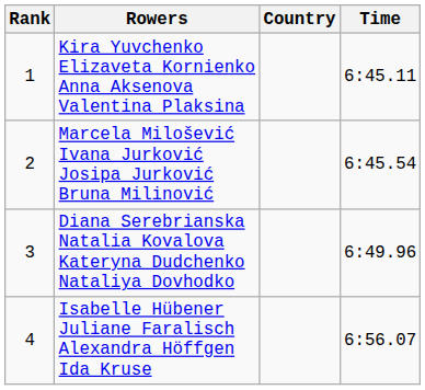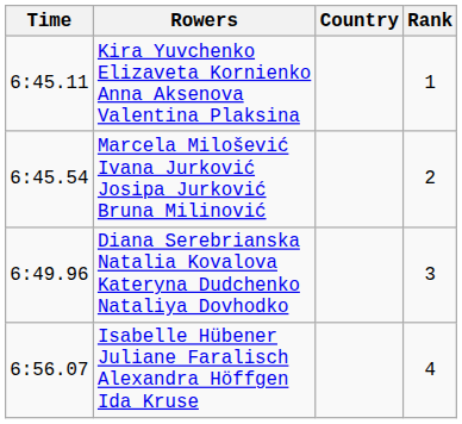 <table class="wikitable" style="text-align:center">
 <tr>
-<th>Rank</th>
+<th>Time</th>
 <th>Rowers</th>
 <th>Country</th>
-<th>Time</th>
+<th>Rank</th>
 </tr>
 <tr>
-<td>1</td>
+<td>6:45.11</td>
 <td align="left"><a href='#'>Kira Yuvchenko</a><br><a href='#'>Elizaveta Kornienko</a><br><a href='#'>Anna Aksenova</a><br><a href='#'>Valentina Plaksina</a></td>
 <td align="left"></td>
-<td>6:45.11</td>
+<td>1</td>
 </tr>
 <tr>
-<td>2</td>
+<td>6:45.54</td>
 <td align="left"><a href='#'>Marcela Milošević</a><br><a href='#'>Ivana Jurković</a><br><a href='#'>Josipa Jurković</a><br><a href='#'>Bruna Milinović</a></td>
 <td align="left"></td>
-<td>6:45.54</td>
+<td>2</td>
 </tr>
 <tr>
-<td>3</td>
+<td>6:49.96</td>
 <td align="left"><a href='#'>Diana Serebrianska</a><br><a href='#'>Natalia Kovalova</a><br><a href='#'>Kateryna Dudchenko</a><br><a href='#'>Nataliya Dovhodko</a></td>
 <td align="left"></td>
-<td>6:49.96</td>
+<td>3</td>
 </tr>
 <tr>
-<td>4</td>
+<td>6:56.07</td>
 <td align="left"><a href='#'>Isabelle Hübener</a><br><a href='#'>Juliane Faralisch</a><br><a href='#'>Alexandra Höffgen</a><br><a href='#'>Ida Kruse</a></td>
 <td align="left"></td>
-<td>6:56.07</td>
+<td>4</td>
 </tr>
 </table>
